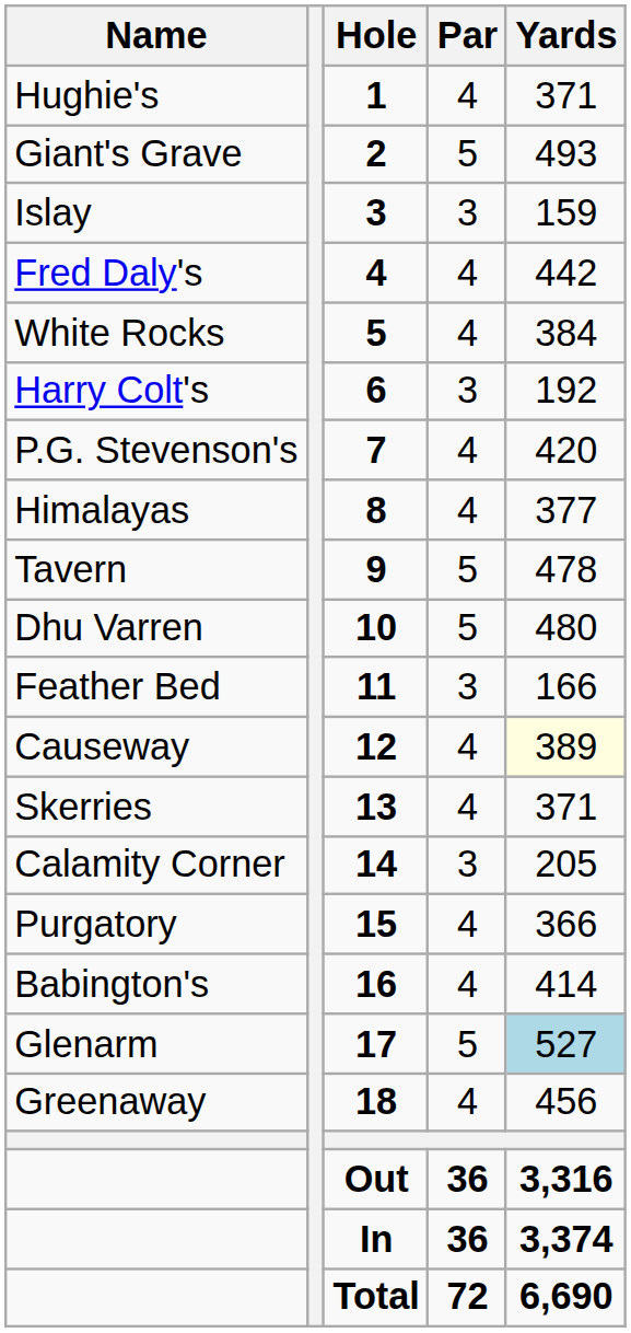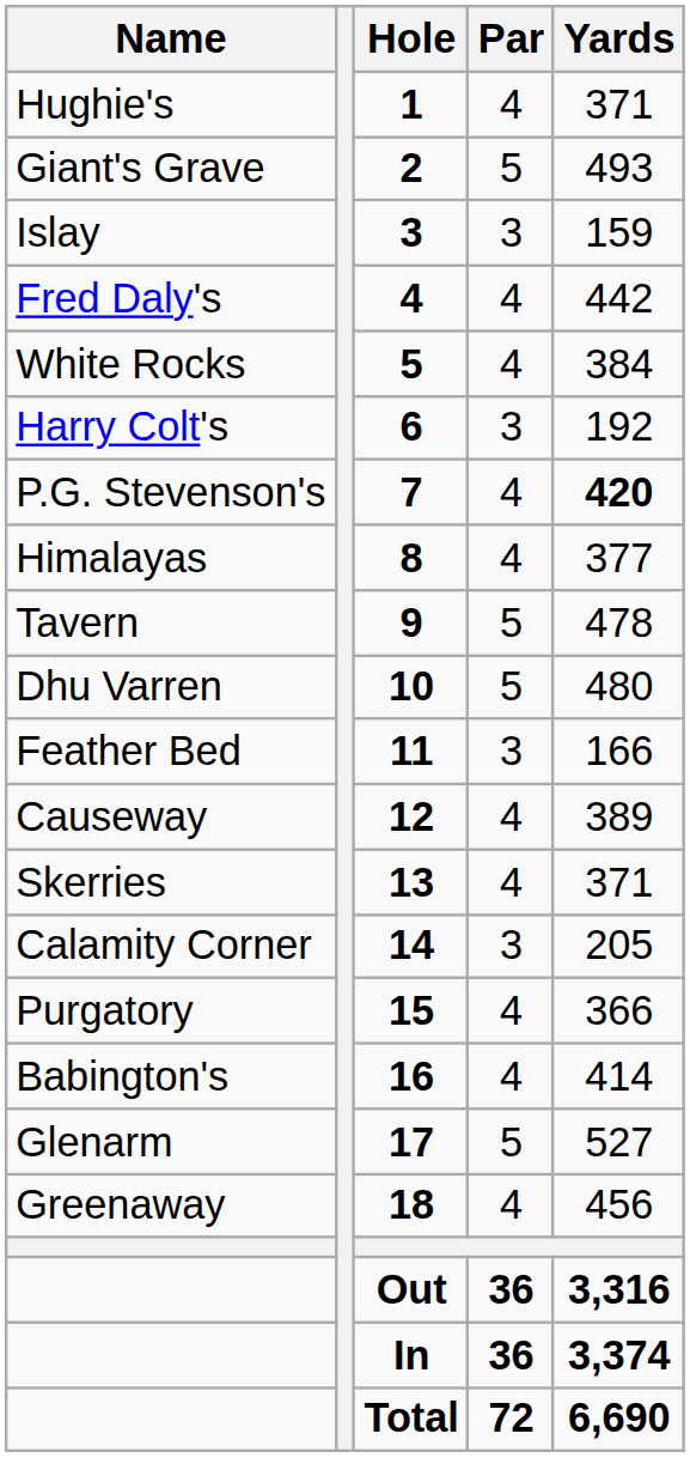 <table class="wikitable" style="font-size:90%;text-align:center">
 <tr>
 <th>Name</th>
 <th rowspan="23"></th>
 <th>Hole</th>
 <th>Par</th>
 <th>Yards</th>
 </tr>
 <tr>
 <td align="left">Hughie's</td>
 <td><strong>1</strong></td>
 <td>4</td>
 <td>371</td>
 </tr>
 <tr>
 <td align="left">Giant's Grave</td>
 <td><strong>2</strong></td>
 <td>5</td>
 <td>493</td>
 </tr>
 <tr>
 <td align="left">Islay</td>
 <td><strong>3</strong></td>
 <td>3</td>
 <td>159</td>
 </tr>
 <tr>
 <td align="left"><a href='#'>Fred Daly</a>'s</td>
 <td><strong>4</strong></td>
 <td>4</td>
 <td>442</td>
 </tr>
 <tr>
 <td align="left">White Rocks</td>
 <td><strong>5</strong></td>
 <td>4</td>
 <td>384</td>
 </tr>
 <tr>
 <td align="left"><a href='#'>Harry Colt</a>'s</td>
 <td><strong>6</strong></td>
 <td>3</td>
 <td>192</td>
 </tr>
 <tr>
 <td align="left">P.G. Stevenson's</td>
 <td><strong>7</strong></td>
 <td>4</td>
-<td>420</td>
+<td><strong>420</strong></td>
 </tr>
 <tr>
 <td align="left">Himalayas</td>
 <td><strong>8</strong></td>
 <td>4</td>
 <td>377</td>
 </tr>
 <tr>
 <td align="left">Tavern</td>
 <td><strong>9</strong></td>
 <td>5</td>
 <td>478</td>
 </tr>
 <tr>
 <td align="left">Dhu Varren</td>
 <td><strong>10</strong></td>
 <td>5</td>
 <td>480</td>
 </tr>
 <tr>
 <td align="left">Feather Bed</td>
 <td><strong>11</strong></td>
 <td>3</td>
 <td>166</td>
 </tr>
 <tr>
 <td align="left">Causeway</td>
 <td><strong>12</strong></td>
 <td>4</td>
-<td style="background: lightyellow;">389</td>
+<td>389</td>
 </tr>
 <tr>
 <td align="left">Skerries</td>
 <td><strong>13</strong></td>
 <td>4</td>
 <td>371</td>
 </tr>
 <tr>
 <td align="left">Calamity Corner</td>
 <td><strong>14</strong></td>
 <td>3</td>
 <td>205</td>
 </tr>
 <tr>
 <td align="left">Purgatory</td>
 <td><strong>15</strong></td>
 <td>4</td>
 <td>366</td>
 </tr>
 <tr>
 <td align="left">Babington's</td>
 <td><strong>16</strong></td>
 <td>4</td>
 <td>414</td>
 </tr>
 <tr>
 <td align="left">Glenarm</td>
 <td><strong>17</strong></td>
 <td>5</td>
-<td style="background: lightblue;">527</td>
+<td>527</td>
 </tr>
 <tr>
 <td align="left">Greenaway</td>
 <td><strong>18</strong></td>
 <td>4</td>
 <td>456</td>
 </tr>
 <tr>
 <th></th>
 <th colspan="3"></th>
 </tr>
 <tr>
 <td></td>
 <td><strong>Out</strong></td>
 <td><strong>36</strong></td>
 <td><strong>3,316</strong></td>
 </tr>
 <tr>
 <td></td>
 <td><strong>In</strong></td>
 <td><strong>36</strong></td>
 <td><strong>3,374</strong></td>
 </tr>
 <tr>
 <td></td>
 <td><strong>Total</strong></td>
 <td><strong>72</strong></td>
 <td><strong>6,690</strong></td>
 </tr>
 </table>
